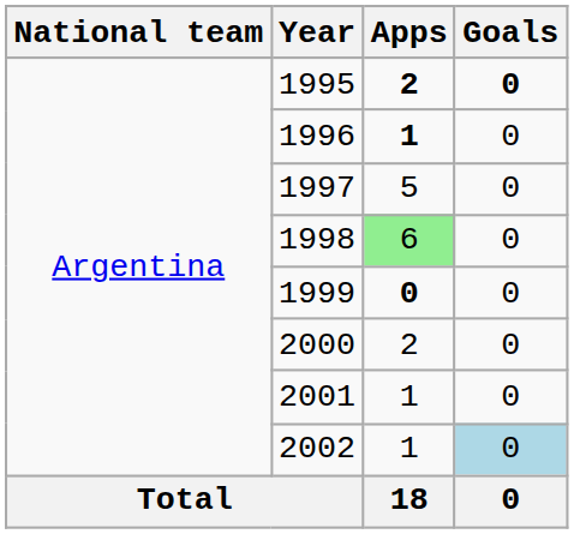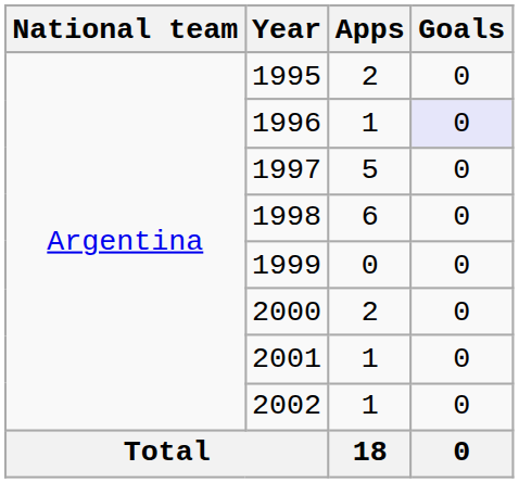 <table class="wikitable" style="text-align:center">
 <tr>
 <th>National team</th>
 <th>Year</th>
 <th>Apps</th>
 <th>Goals</th>
 </tr>
 <tr>
 <td rowspan="8"><a href='#'>Argentina</a></td>
 <td>1995</td>
-<td><strong>2</strong></td>
-<td><strong>0</strong></td>
+<td>2</td>
+<td>0</td>
 </tr>
 <tr>
 <td>1996</td>
-<td><strong>1</strong></td>
-<td>0</td>
+<td>1</td>
+<td style="background: lavender;">0</td>
 </tr>
 <tr>
 <td>1997</td>
 <td>5</td>
 <td>0</td>
 </tr>
 <tr>
 <td>1998</td>
-<td style="background: lightgreen;">6</td>
+<td>6</td>
 <td>0</td>
 </tr>
 <tr>
 <td>1999</td>
-<td><strong>0</strong></td>
+<td>0</td>
 <td>0</td>
 </tr>
 <tr>
 <td>2000</td>
 <td>2</td>
 <td>0</td>
 </tr>
 <tr>
 <td>2001</td>
 <td>1</td>
 <td>0</td>
 </tr>
 <tr>
 <td>2002</td>
 <td>1</td>
-<td style="background: lightblue;">0</td>
+<td>0</td>
 </tr>
 <tr>
 <th colspan="2">Total</th>
 <th>18</th>
 <th>0</th>
 </tr>
 </table>
